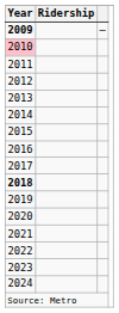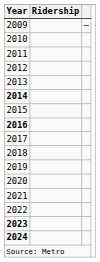 <table class="wikitable" style="border-spacing: 1px; text-align:center; font-size:95%;">
 <tr>
 </tr>
 <tr>
 <th style="border-bottom:1px solid black">Year</th>
 <th style="border-bottom:1px solid black">Ridership</th>
 <th style="border-bottom:1px solid black"></th>
 <th rowspan="18" style="background:#fff;"></th>
 </tr>
 <tr>
-<td><strong>2009</strong></td>
+<td>2009</td>
 <td></td>
 <td>—</td>
 </tr>
 <tr>
-<td style="background: pink;">2010</td>
+<td>2010</td>
 <td></td>
 <td></td>
 </tr>
 <tr>
 <td>2011</td>
 <td></td>
 <td></td>
 </tr>
 <tr>
 <td>2012</td>
 <td></td>
 <td></td>
 </tr>
 <tr>
 <td>2013</td>
 <td></td>
 <td></td>
 </tr>
 <tr>
-<td>2014</td>
+<td><strong>2014</strong></td>
 <td></td>
 <td></td>
 </tr>
 <tr>
 <td>2015</td>
 <td></td>
 <td></td>
 </tr>
 <tr>
-<td>2016</td>
+<td><strong>2016</strong></td>
 <td></td>
 <td></td>
 </tr>
 <tr>
 <td>2017</td>
 <td></td>
 <td></td>
 </tr>
 <tr>
-<td><strong>2018</strong></td>
+<td>2018</td>
 <td></td>
 <td></td>
 </tr>
 <tr>
 <td>2019</td>
 <td></td>
 <td></td>
 </tr>
 <tr>
 <td>2020</td>
 <td></td>
 <td></td>
 </tr>
 <tr>
 <td>2021</td>
 <td></td>
 <td></td>
 </tr>
 <tr>
 <td>2022</td>
 <td></td>
 <td></td>
 </tr>
 <tr>
-<td>2023</td>
+<td><strong>2023</strong></td>
 <td></td>
 <td></td>
 </tr>
 <tr>
-<td>2024</td>
+<td><strong>2024</strong></td>
 <td></td>
 <td></td>
 </tr>
 <tr class="sortbottom">
 <td colspan="3" style="border-top:1px solid black; font-size:85%; text-align:left">Source: Metro</td>
 </tr>
 </table>
